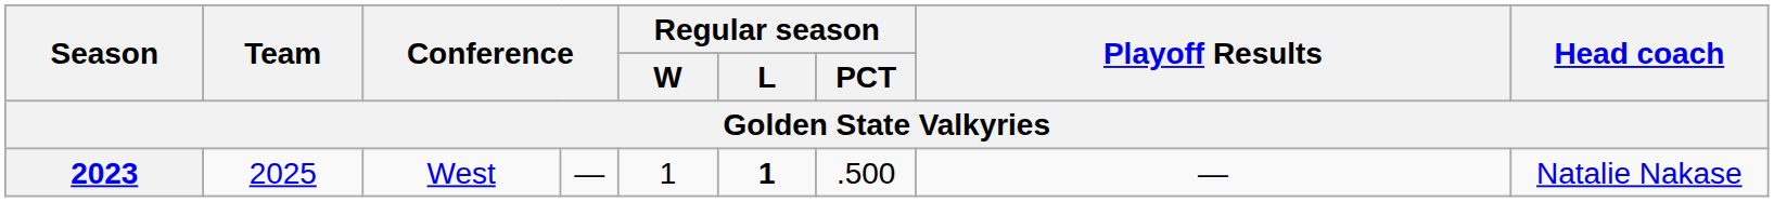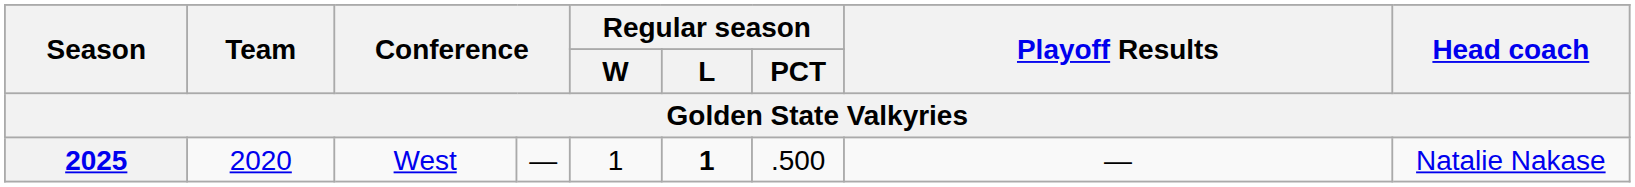 <table class="wikitable" style="margin:1em auto; font-size:95%; text-align: center; min-width: 85%;">
 <tr>
 <th rowspan=2 style="width: 10%;">Season</th>
 <th rowspan=2 style="width: 8%;">Team</th>
 <th rowspan=2 colspan=2 style="width: 12%;">Conference</th>
 <th colspan=3 style="width: 15%;">Regular season</th>
 <th rowspan=2 style="width: 30%;"><a href='#'>Playoff</a> Results</th>
 <th rowspan=2 style="width: 13%;"><a href='#'>Head coach</a></th>
 </tr>
 <tr>
 <th style="width: 5%;">W</th>
 <th style="width: 5%;">L</th>
 <th style="width: 5%;">PCT</th>
 </tr>
 <tr>
 <th colspan=9>Golden State Valkyries</th>
 </tr>
 <tr>
-<th><a href='#'>2023</a></th>
-<td><a href='#'>2025</a></td>
+<th><a href='#'>2025</a></th>
+<td><a href='#'>2020</a></td>
 <td style="width: 10%"><a href='#'>West</a></td>
 <td>—</td>
 <td>1</td>
 <td><strong>1</strong></td>
 <td>.500</td>
 <td>—</td>
 <td><a href='#'>Natalie Nakase</a></td>
 </tr>
 </table>
